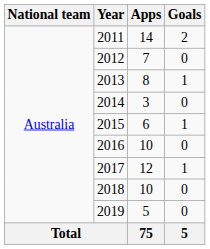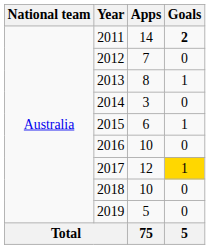 <table class="wikitable" style="text-align:center">
 <tr>
 <th>National team</th>
 <th>Year</th>
 <th>Apps</th>
 <th>Goals</th>
 </tr>
 <tr>
 <td rowspan="9"><a href='#'>Australia</a></td>
 <td>2011</td>
 <td>14</td>
-<td>2</td>
+<td><strong>2</strong></td>
 </tr>
 <tr>
 <td>2012</td>
 <td>7</td>
 <td>0</td>
 </tr>
 <tr>
 <td>2013</td>
 <td>8</td>
 <td>1</td>
 </tr>
 <tr>
 <td>2014</td>
 <td>3</td>
 <td>0</td>
 </tr>
 <tr>
 <td>2015</td>
 <td>6</td>
 <td>1</td>
 </tr>
 <tr>
 <td>2016</td>
 <td>10</td>
 <td>0</td>
 </tr>
 <tr>
 <td>2017</td>
 <td>12</td>
-<td>1</td>
+<td style="background: gold;">1</td>
 </tr>
 <tr>
 <td>2018</td>
 <td>10</td>
 <td>0</td>
 </tr>
 <tr>
 <td>2019</td>
 <td>5</td>
 <td>0</td>
 </tr>
 <tr>
 <th colspan="2">Total</th>
 <th>75</th>
 <th>5</th>
 </tr>
 </table>
